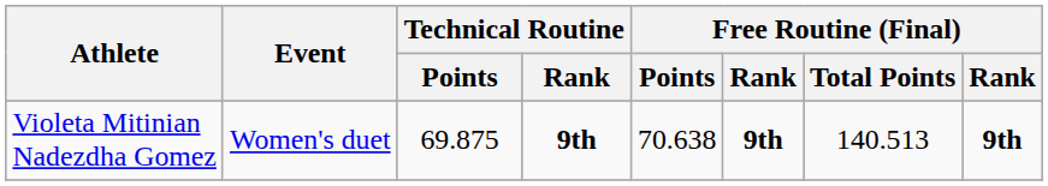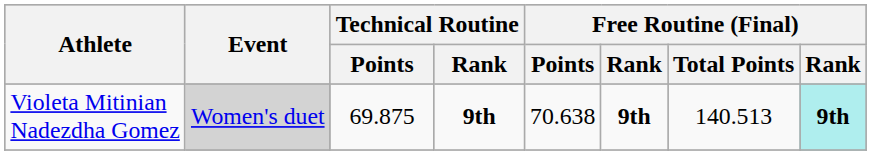 <table class=wikitable style="font-size:90%">
 <tr>
 <th rowspan="2">Athlete</th>
 <th rowspan="2">Event</th>
 <th colspan="2">Technical Routine</th>
 <th colspan="4">Free Routine (Final)</th>
 </tr>
 <tr>
 <th>Points</th>
 <th>Rank</th>
 <th>Points</th>
 <th>Rank</th>
 <th>Total Points</th>
 <th>Rank</th>
 </tr>
 <tr>
 <td><a href='#'>Violeta Mitinian</a><br><a href='#'>Nadezdha Gomez</a></td>
-<td><a href='#'>Women's duet</a></td>
+<td style="background: lightgrey;"><a href='#'>Women's duet</a></td>
 <td align=center>69.875</td>
 <td align=center><strong>9th</strong></td>
 <td align=center>70.638</td>
 <td align=center><strong>9th</strong></td>
 <td align=center>140.513</td>
-<td align=center><strong>9th</strong></td>
+<td align=center style="background: paleturquoise;"><strong>9th</strong></td>
 </tr>
 </table>
